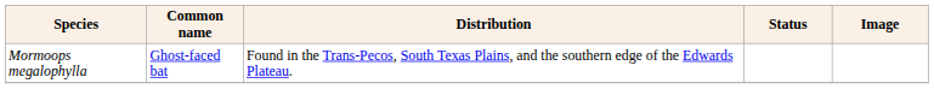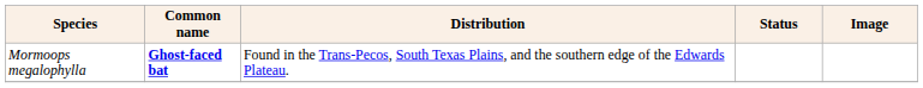 <table class="sortable wikitable plainrowheaders" border="0" style="background:#ffffff" align="top" class="sortable wikitable">
 <tr ->
 <th scope="col" style="background-color:Linen; color:Black" width=150 px>Species</th>
 <th scope="col" style="background-color:Linen; color:Black" width=100 px>Common name</th>
 <th scope="col" style="background:Linen; color:Black" width=550 px>Distribution</th>
 <th scope="col" style="background-color:Linen; color:Black" width=90 px>Status</th>
 <th scope="col" style="background:Linen; color:Black" width=100 px>Image</th>
 </tr>
 <tr>
 <td !scope="row" style="background:#ffffff"><em>Mormoops megalophylla</em></td>
-<td><a href='#'>Ghost-faced bat</a></td>
+<td><strong><a href='#'>Ghost-faced bat</a></strong></td>
 <td>Found in the <a href='#'>Trans-Pecos</a>, <a href='#'>South Texas Plains</a>, and the southern edge of the <a href='#'>Edwards Plateau</a>.</td>
 <td></td>
 <td></td>
 </tr>
 <tr>
 </tr>
 </table>
